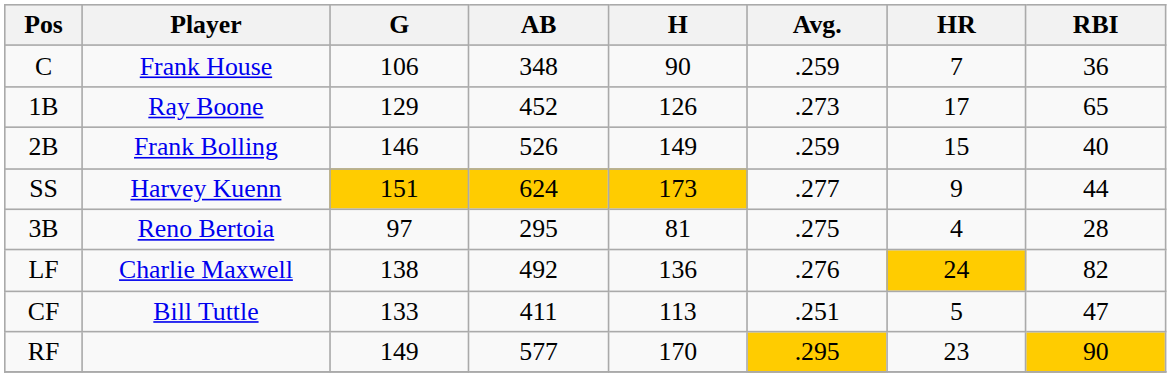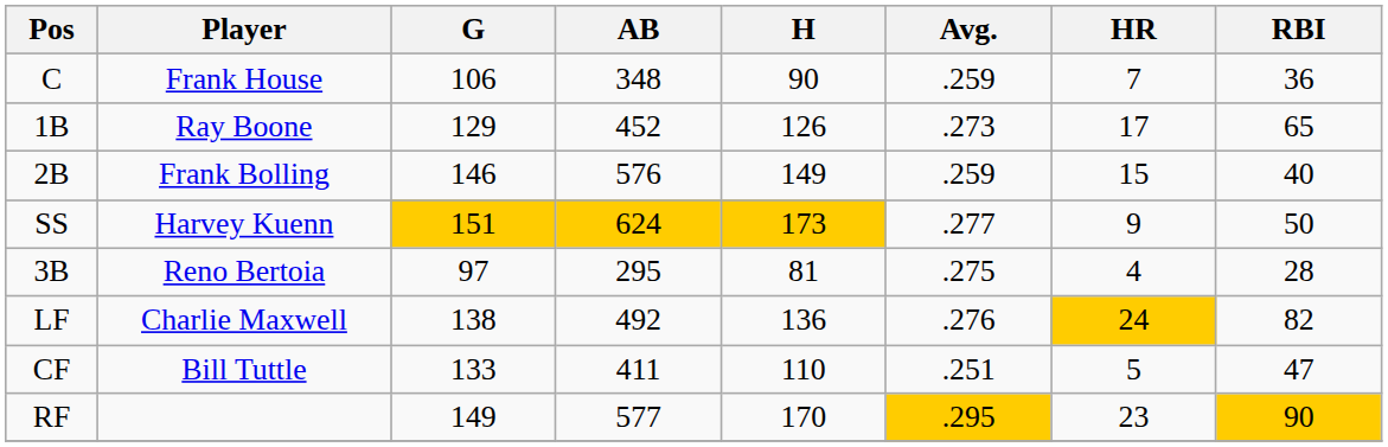 <table class="wikitable sortable">
 <tr>
 <th bgcolor="#DDDDFF" width="5%">Pos</th>
 <th bgcolor="#DDDDFF" width="16%">Player</th>
 <th bgcolor="#DDDDFF" width="9%">G</th>
 <th bgcolor="#DDDDFF" width="9%">AB</th>
 <th bgcolor="#DDDDFF" width="9%">H</th>
 <th bgcolor="#DDDDFF" width="9%">Avg.</th>
 <th bgcolor="#DDDDFF" width="9%">HR</th>
 <th bgcolor="#DDDDFF" width="9%">RBI</th>
 </tr>
 <tr align="center">
 <td>C</td>
 <td><a href='#'>Frank House</a></td>
 <td>106</td>
 <td>348</td>
 <td>90</td>
 <td>.259</td>
 <td>7</td>
 <td>36</td>
 </tr>
 <tr align="center">
 <td>1B</td>
 <td><a href='#'>Ray Boone</a></td>
 <td>129</td>
 <td>452</td>
 <td>126</td>
 <td>.273</td>
 <td>17</td>
 <td>65</td>
 </tr>
 <tr align="center">
 <td>2B</td>
 <td><a href='#'>Frank Bolling</a></td>
 <td>146</td>
-<td>526</td>
+<td>576</td>
 <td>149</td>
 <td>.259</td>
 <td>15</td>
 <td>40</td>
 </tr>
 <tr align="center">
 <td>SS</td>
 <td><a href='#'>Harvey Kuenn</a></td>
 <td style="background:#fc0;">151</td>
 <td style="background:#fc0;">624</td>
 <td style="background:#fc0;">173</td>
 <td>.277</td>
 <td>9</td>
-<td>44</td>
+<td>50</td>
 </tr>
 <tr align="center">
 <td>3B</td>
 <td><a href='#'>Reno Bertoia</a></td>
 <td>97</td>
 <td>295</td>
 <td>81</td>
 <td>.275</td>
 <td>4</td>
 <td>28</td>
 </tr>
 <tr align="center">
 <td>LF</td>
 <td><a href='#'>Charlie Maxwell</a></td>
 <td>138</td>
 <td>492</td>
 <td>136</td>
 <td>.276</td>
 <td style="background:#fc0;">24</td>
 <td>82</td>
 </tr>
 <tr align="center">
 <td>CF</td>
 <td><a href='#'>Bill Tuttle</a></td>
 <td>133</td>
 <td>411</td>
-<td>113</td>
+<td>110</td>
 <td>.251</td>
 <td>5</td>
 <td>47</td>
 </tr>
 <tr align="center">
 <td>RF</td>
 <td></td>
 <td>149</td>
 <td>577</td>
 <td>170</td>
 <td style="background:#fc0;">.295</td>
 <td>23</td>
 <td style="background:#fc0;">90</td>
 </tr>
 <tr align="center">
 </tr>
 </table>
